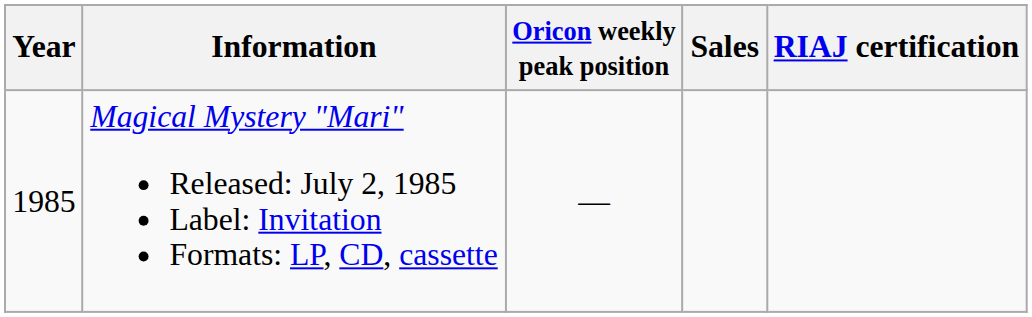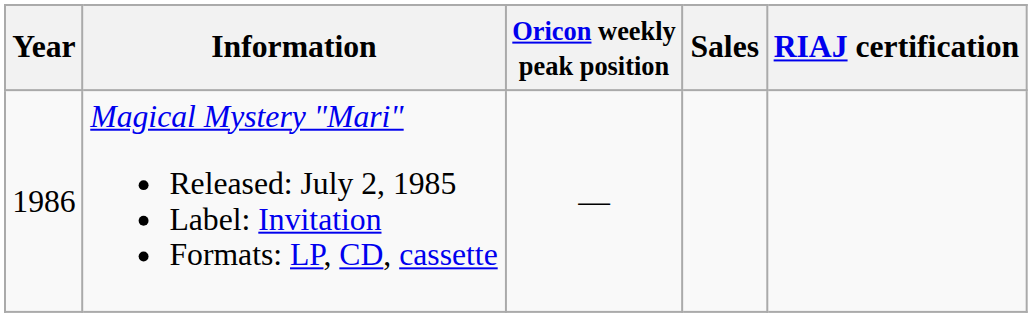 <table class="wikitable">
 <tr>
 <th>Year</th>
 <th>Information</th>
 <th><small><a href='#'>Oricon</a> weekly<br>peak position</small></th>
 <th>Sales<br></th>
 <th><a href='#'>RIAJ</a> certification</th>
 </tr>
 <tr>
-<td>1985</td>
+<td>1986</td>
 <td><em><a href='#'>Magical Mystery "Mari"</a></em><br><ul><li>Released: July 2, 1985</li><li>Label: <a href='#'>Invitation</a></li><li>Formats: <a href='#'>LP</a>, <a href='#'>CD</a>, <a href='#'>cassette</a></li></ul></td>
 <td style="text-align:center;">—</td>
 <td align="left"></td>
 <td align="left"></td>
 </tr>
 </table>
